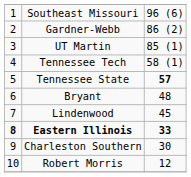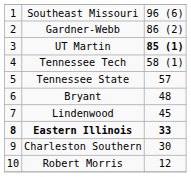 <table class="wikitable">
 <tr align="center">
 </tr>
 <tr align="center">
 <td>1</td>
 <td>Southeast Missouri</td>
 <td>96 (6)</td>
 </tr>
 <tr align="center">
 <td>2</td>
 <td>Gardner-Webb</td>
 <td>86 (2)</td>
 </tr>
 <tr align="center">
 <td>3</td>
 <td>UT Martin</td>
-<td>85 (1)</td>
+<td><strong>85 (1)</strong></td>
 </tr>
 <tr align="center">
 <td>4</td>
 <td>Tennessee Tech</td>
 <td>58 (1)</td>
 </tr>
 <tr align="center">
 <td>5</td>
 <td>Tennessee State</td>
-<td><strong>57</strong></td>
+<td>57</td>
 </tr>
 <tr align="center">
 <td>6</td>
 <td>Bryant</td>
 <td>48</td>
 </tr>
 <tr align="center">
 <td>7</td>
 <td>Lindenwood</td>
 <td>45</td>
 </tr>
 <tr align="center">
 <td><strong>8</strong></td>
 <td><strong>Eastern Illinois</strong></td>
 <td><strong>33</strong></td>
 </tr>
 <tr align="center">
 <td>9</td>
 <td>Charleston Southern</td>
 <td>30</td>
 </tr>
 <tr align="center">
 <td>10</td>
 <td>Robert Morris</td>
 <td>12</td>
 </tr>
 <tr align="center">
 </tr>
 </table>
